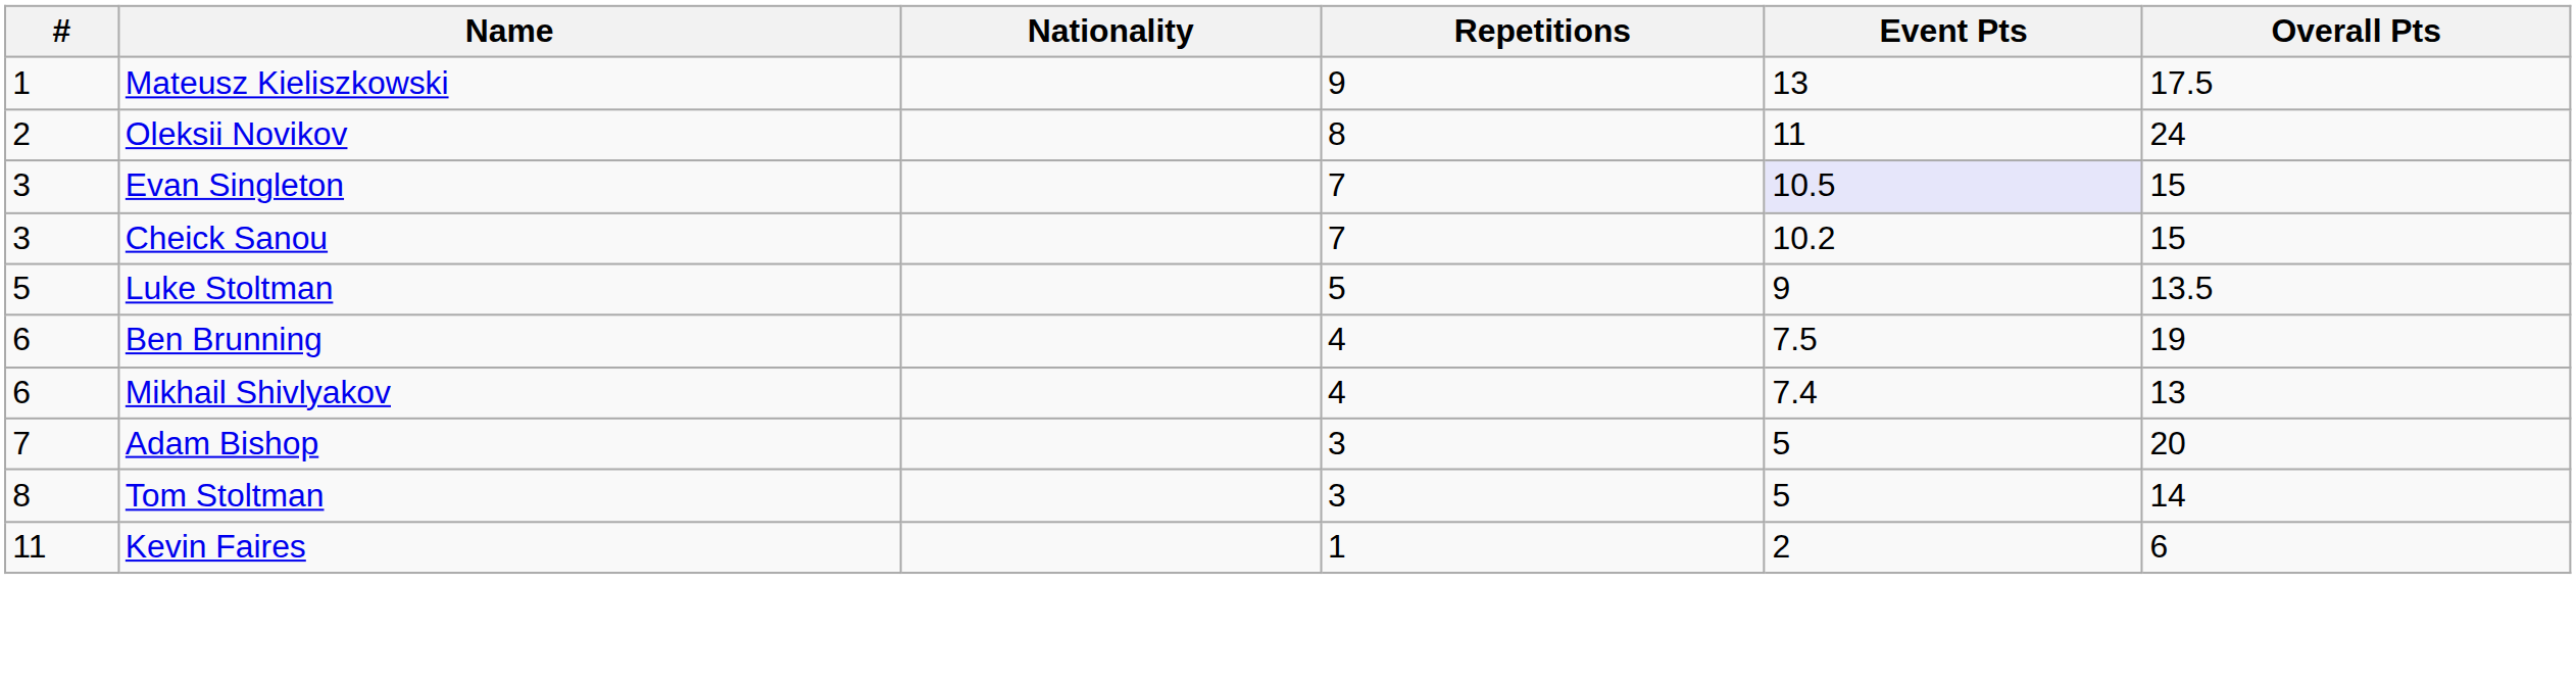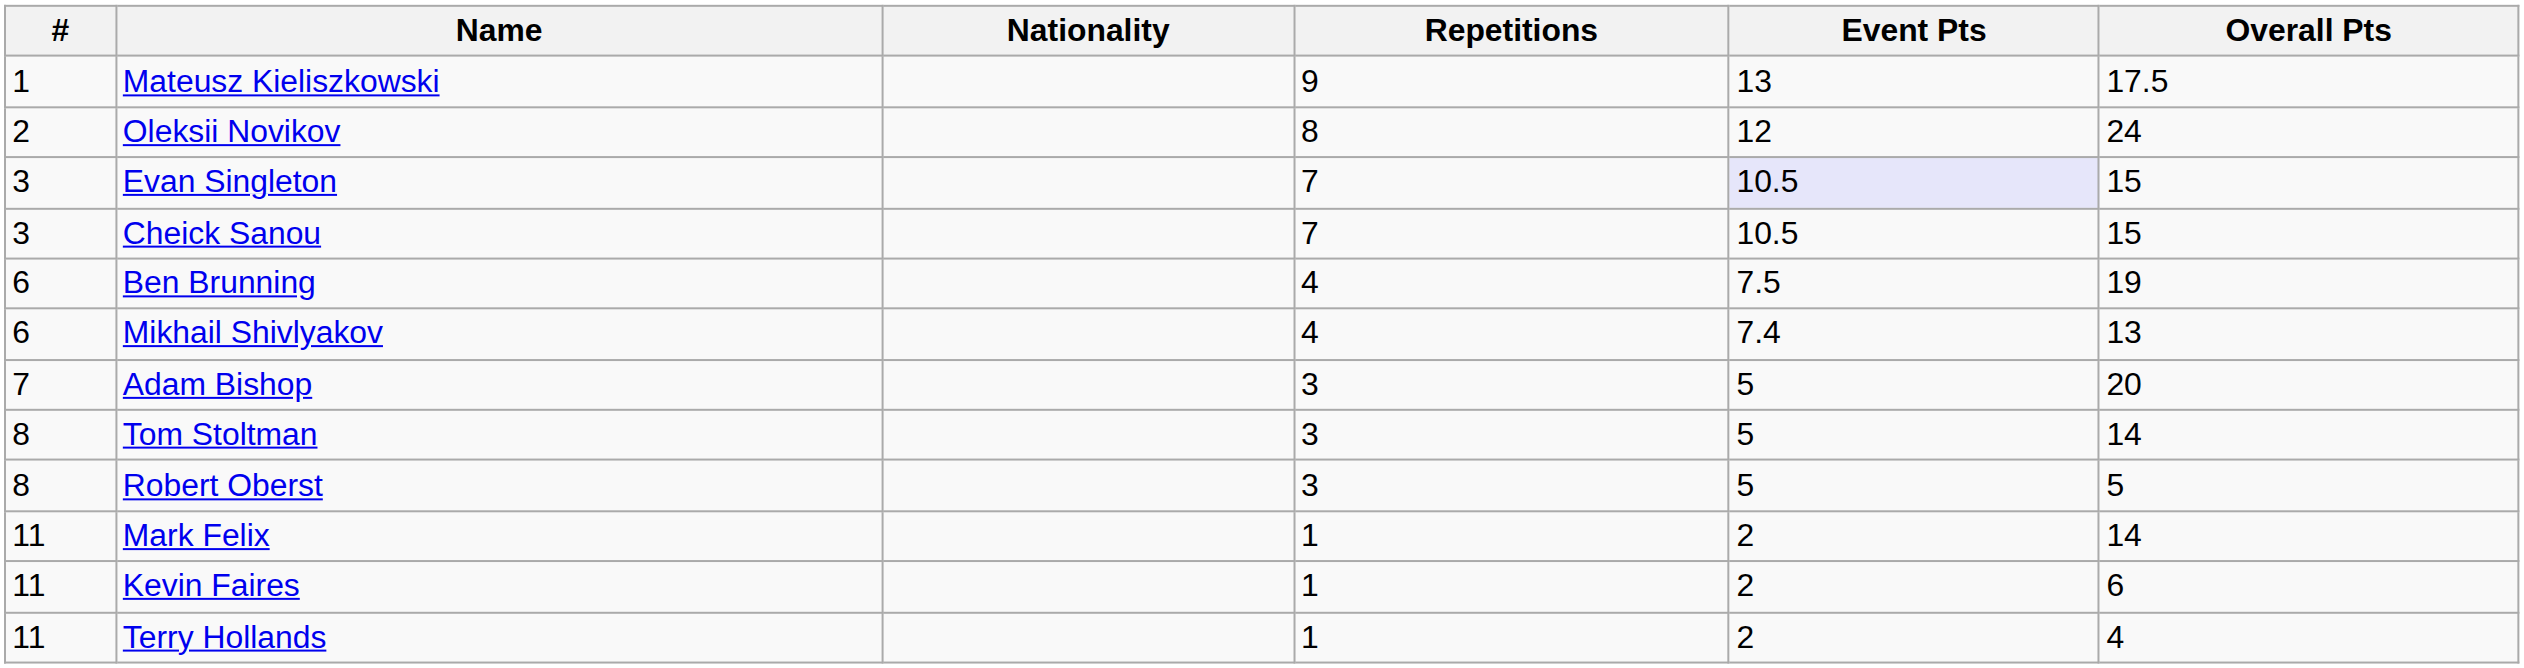 <table class="wikitable sortable" style="display: inline-table;width: 100%;">
 <tr>
 <th>#</th>
 <th>Name</th>
 <th>Nationality</th>
 <th>Repetitions</th>
 <th>Event Pts</th>
 <th>Overall Pts</th>
 </tr>
 <tr>
 <td>1</td>
 <td><a href='#'>Mateusz Kieliszkowski</a></td>
 <td></td>
 <td>9</td>
 <td>13</td>
 <td>17.5</td>
 </tr>
 <tr>
 <td>2</td>
 <td><a href='#'>Oleksii Novikov</a></td>
 <td></td>
 <td>8</td>
-<td>11</td>
+<td>12</td>
 <td>24</td>
 </tr>
 <tr>
 <td>3</td>
 <td><a href='#'>Evan Singleton</a></td>
 <td></td>
 <td>7</td>
 <td style="background: lavender;">10.5</td>
 <td>15</td>
 </tr>
 <tr>
 <td>3</td>
 <td><a href='#'>Cheick Sanou</a></td>
 <td></td>
 <td>7</td>
-<td>10.2</td>
+<td>10.5</td>
 <td>15</td>
-</tr>
-<tr>
-<td>5</td>
-<td><a href='#'>Luke Stoltman</a></td>
-<td></td>
-<td>5</td>
-<td>9</td>
-<td>13.5</td>
 </tr>
 <tr>
 <td>6</td>
 <td><a href='#'>Ben Brunning</a></td>
 <td></td>
 <td>4</td>
 <td>7.5</td>
 <td>19</td>
 </tr>
 <tr>
 <td>6</td>
 <td><a href='#'>Mikhail Shivlyakov</a></td>
 <td></td>
 <td>4</td>
 <td>7.4</td>
 <td>13</td>
 </tr>
 <tr>
 <td>7</td>
 <td><a href='#'>Adam Bishop</a></td>
 <td></td>
 <td>3</td>
 <td>5</td>
 <td>20</td>
 </tr>
 <tr>
 <td>8</td>
 <td><a href='#'>Tom Stoltman</a></td>
 <td></td>
 <td>3</td>
 <td>5</td>
 <td>14</td>
 </tr>
 <tr>
+<td>8</td>
+<td><a href='#'>Robert Oberst</a></td>
+<td></td>
+<td>3</td>
+<td>5</td>
+<td>5</td>
+</tr>
+<tr>
+<td>11</td>
+<td><a href='#'>Mark Felix</a></td>
+<td></td>
+<td>1</td>
+<td>2</td>
+<td>14</td>
+</tr>
+<tr>
 <td>11</td>
 <td><a href='#'>Kevin Faires</a></td>
 <td></td>
 <td>1</td>
 <td>2</td>
 <td>6</td>
 </tr>
+<tr>
+<td>11</td>
+<td><a href='#'>Terry Hollands</a></td>
+<td></td>
+<td>1</td>
+<td>2</td>
+<td>4</td>
+</tr>
 </table>
